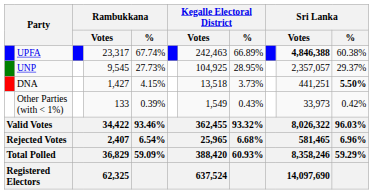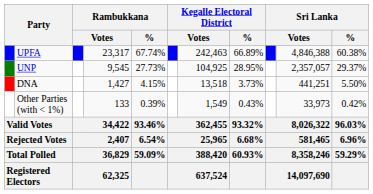 <table class="wikitable">
 <tr>
 <th colspan="2" width="144px"rowspan="2">Party</th>
 <th colspan="3" width="216px">Rambukkana</th>
 <th colspan="3" width="216px"><a href='#'>Kegalle Electoral District</a></th>
 <th colspan="3" width="216px">Sri Lanka</th>
 </tr>
 <tr>
 <th colspan="2" width="144px">Votes</th>
 <th>%</th>
 <th colspan="2" width="144px">Votes</th>
 <th>%</th>
 <th colspan="2" width="144px">Votes</th>
 <th>%</th>
 </tr>
 <tr>
 <td style="background-color:blue;" width="10px"></td>
 <td style="text-align:left;"><a href='#'>UPFA</a></td>
 <td style="background-color:blue;" width="10px"></td>
 <td style="text-align:right;">23,317</td>
 <td style="text-align:right;">67.74%</td>
 <td style="background-color:blue;" width="10px"></td>
 <td style="text-align:right;">242,463</td>
 <td style="text-align:right;">66.89%</td>
 <td style="background-color:blue;" width="10px"></td>
-<td style="text-align:right;"><strong>4,846,388</strong></td>
+<td style="text-align:right;">4,846,388</td>
 <td style="text-align:right;">60.38%</td>
 </tr>
 <tr>
 <td style="background-color:green;" width="10px"></td>
 <td style="text-align:left;"><a href='#'>UNP</a></td>
 <td style="background-color:white;" width="10px"></td>
 <td style="text-align:right;">9,545</td>
 <td style="text-align:right;">27.73%</td>
 <td style="background-color:white;" width="10px"></td>
 <td style="text-align:right;">104,925</td>
 <td style="text-align:right;">28.95%</td>
 <td style="background-color:white;" width="10px"></td>
 <td style="text-align:right;">2,357,057</td>
 <td style="text-align:right;">29.37%</td>
 </tr>
 <tr>
 <td style="background-color:red;" width="10px"></td>
 <td style="text-align:left;">DNA</td>
 <td style="background-color:white;" width="10px"></td>
 <td style="text-align:right;">1,427</td>
 <td style="text-align:right;">4.15%</td>
 <td style="background-color:white;" width="10px"></td>
 <td style="text-align:right;">13,518</td>
 <td style="text-align:right;">3.73%</td>
 <td style="background-color:white;" width="10px"></td>
 <td style="text-align:right;">441,251</td>
-<td style="text-align:right;"><strong>5.50%</strong></td>
+<td style="text-align:right;">5.50%</td>
 </tr>
 <tr>
 <td style="background-color:white;" width="10px"></td>
 <td style="text-align:left;">Other Parties (with < 1%)</td>
 <td style="background-color:white;" width="10px"></td>
 <td style="text-align:right;">133</td>
 <td style="text-align:right;">0.39%</td>
 <td style="background-color:white;" width="10px"></td>
 <td style="text-align:right;">1,549</td>
 <td style="text-align:right;">0.43%</td>
 <td style="background-color:white;" width="10px"></td>
 <td style="text-align:right;">33,973</td>
 <td style="text-align:right;">0.42%</td>
 </tr>
 <tr>
 <th colspan="2" width="144px"style="text-align:left;">Valid Votes</th>
 <th style="text-align:right;"colspan="2" width="144px">34,422</th>
 <th style="text-align:right;">93.46%</th>
 <th style="text-align:right;"colspan="2" width="144px">362,455</th>
 <th style="text-align:right;">93.32%</th>
 <th style="text-align:right;"colspan="2" width="144px">8,026,322</th>
 <th style="text-align:right;">96.03%</th>
 </tr>
 <tr>
 <th colspan="2" width="144px"style="text-align:left;">Rejected Votes</th>
 <th style="text-align:right;"colspan="2" width="144px">2,407</th>
 <th style="text-align:right;">6.54%</th>
 <th style="text-align:right;"colspan="2" width="144px">25,965</th>
 <th style="text-align:right;">6.68%</th>
 <th style="text-align:right;"colspan="2" width="144px">581,465</th>
 <th style="text-align:right;">6.96%</th>
 </tr>
 <tr>
 <th colspan="2" width="144px"style="text-align:left;">Total Polled</th>
 <th style="text-align:right;"colspan="2" width="144px">36,829</th>
 <th style="text-align:right;">59.09%</th>
 <th style="text-align:right;"colspan="2" width="144px">388,420</th>
 <th style="text-align:right;">60.93%</th>
 <th style="text-align:right;"colspan="2" width="144px">8,358,246</th>
 <th style="text-align:right;">59.29%</th>
 </tr>
 <tr>
 <th colspan="2" width="144px"style="text-align:left;">Registered Electors</th>
 <th style="text-align:right;"colspan="2" width="144px">62,325</th>
 <th></th>
 <th style="text-align:right;"colspan="2" width="144px">637,524</th>
 <th></th>
 <th style="text-align:right;"colspan="2" width="144px">14,097,690</th>
 <th></th>
 </tr>
 </table>
